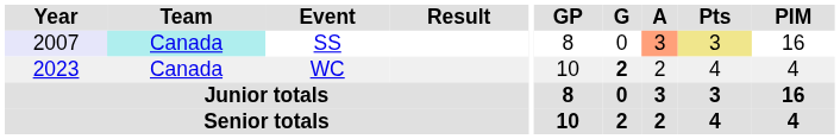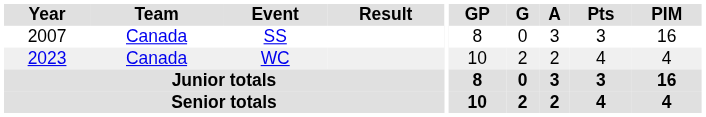 <table border="0" cellpadding="1" cellspacing="0" ID="Table3" style="text-align:center; width:40em;">
 <tr bgcolor="#e0e0e0">
 <th>Year</th>
 <th>Team</th>
 <th>Event</th>
 <th>Result</th>
 <th rowspan="99" bgcolor="#ffffff"></th>
 <th>GP</th>
 <th>G</th>
 <th>A</th>
 <th>Pts</th>
 <th>PIM</th>
 </tr>
 <tr>
-<td style="background: lavender;">2007</td>
-<td style="background: paleturquoise;"><a href='#'>Canada</a></td>
+<td>2007</td>
+<td><a href='#'>Canada</a></td>
 <td><a href='#'>SS</a></td>
 <td></td>
 <td>8</td>
 <td>0</td>
-<td style="background: lightsalmon;">3</td>
-<td style="background: khaki;">3</td>
+<td>3</td>
+<td>3</td>
 <td>16</td>
 </tr>
 <tr bgcolor="#f0f0f0">
 <td><a href='#'>2023</a></td>
 <td><a href='#'>Canada</a></td>
 <td><a href='#'>WC</a></td>
 <td></td>
 <td>10</td>
-<td><strong>2</strong></td>
+<td>2</td>
 <td>2</td>
 <td>4</td>
 <td>4</td>
 </tr>
 <tr bgcolor="#e0e0e0">
 <th colspan="4">Junior totals</th>
 <th>8</th>
 <th>0</th>
 <th>3</th>
 <th>3</th>
 <th>16</th>
 </tr>
 <tr bgcolor="#e0e0e0">
 <th colspan="4">Senior totals</th>
 <th>10</th>
 <th>2</th>
 <th>2</th>
 <th>4</th>
 <th>4</th>
 </tr>
 </table>
